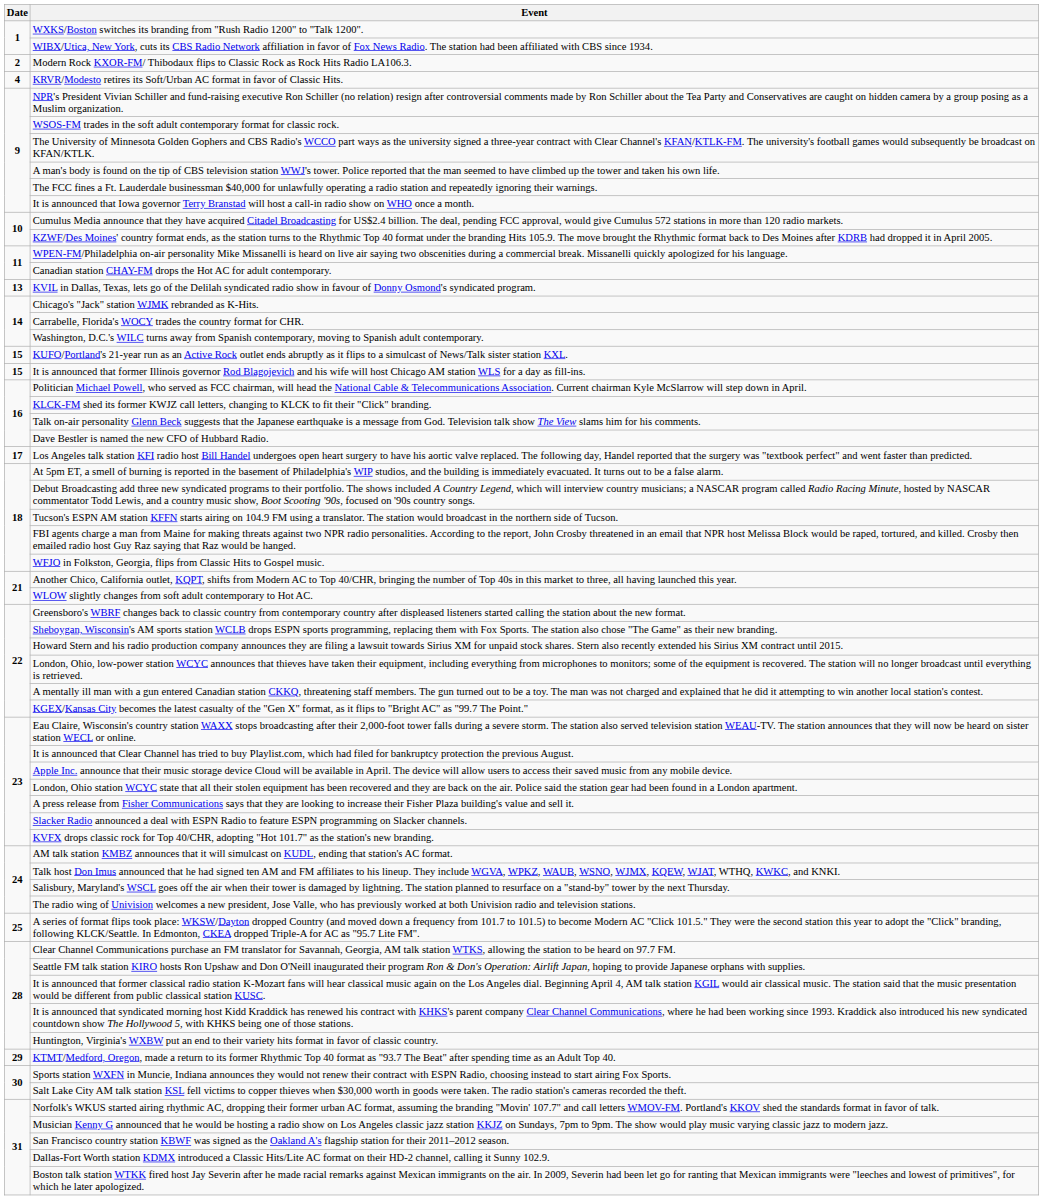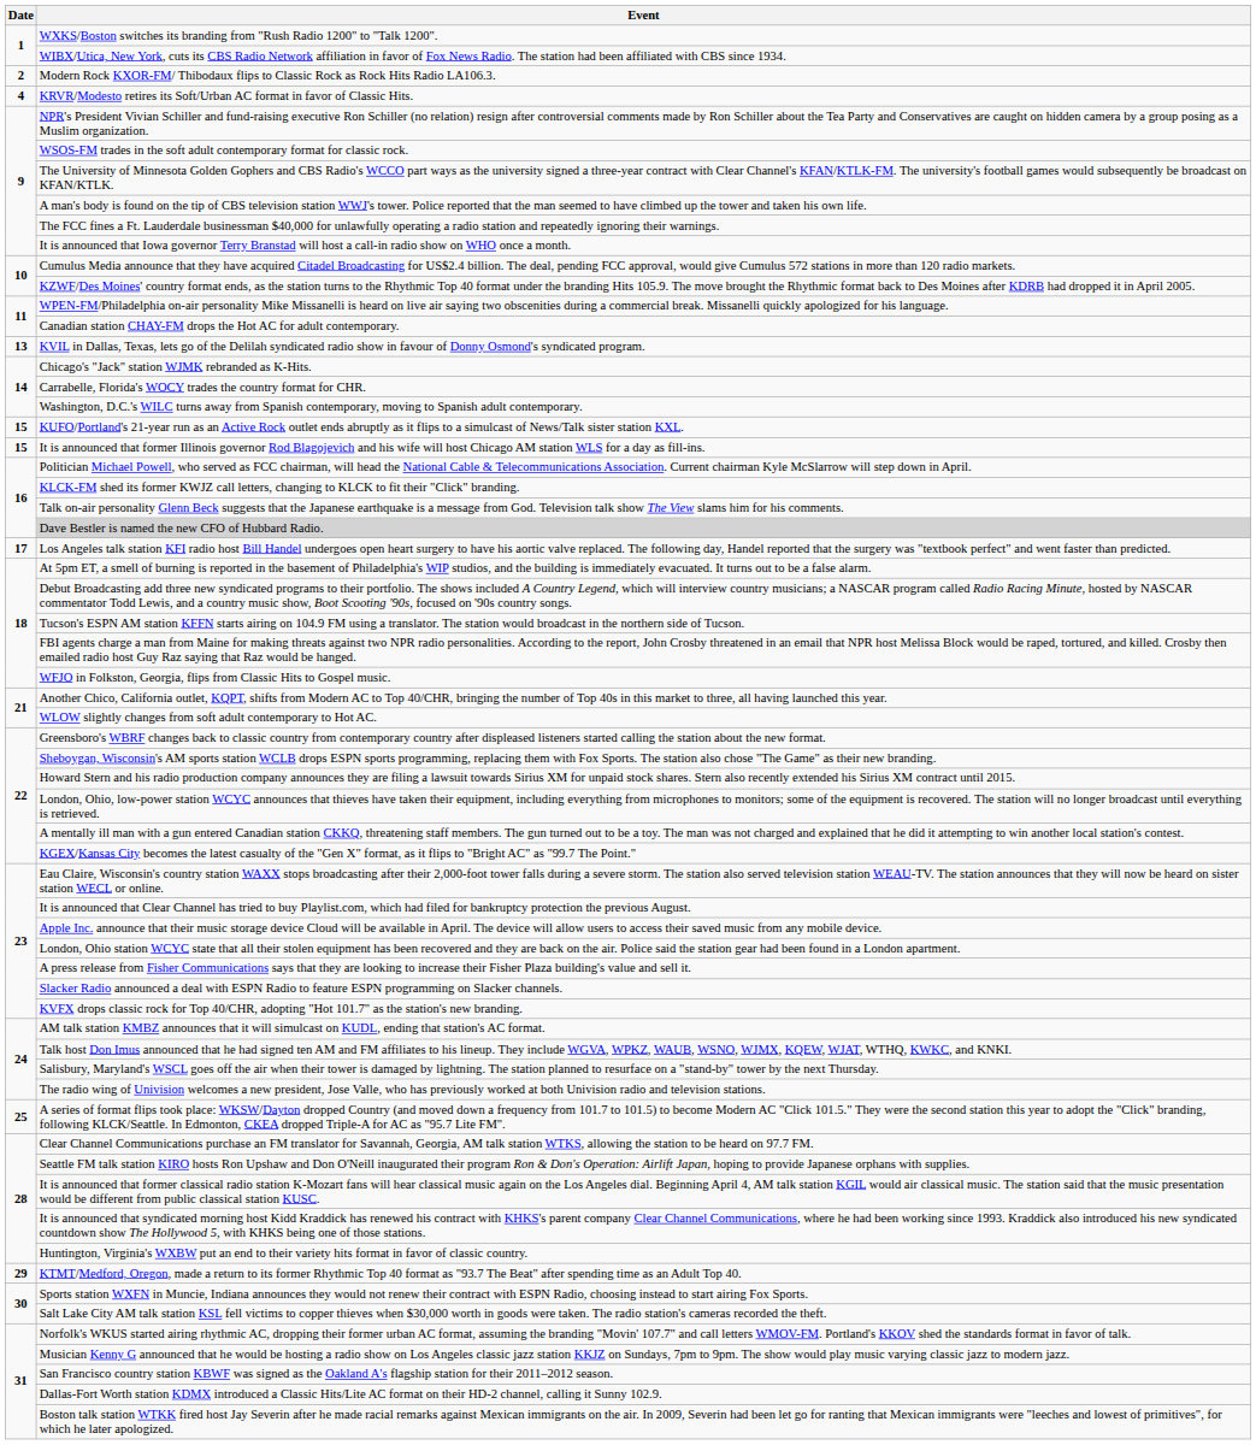 <table class="wikitable">
 <tr>
 <th>Date</th>
 <th>Event</th>
 </tr>
 <tr>
 <td style="text-align:center;" rowspan="2"><strong>1</strong></td>
 <td><a href='#'>WXKS</a>/<a href='#'>Boston</a> switches its branding from "Rush Radio 1200" to "Talk 1200".</td>
 </tr>
 <tr>
 <td><a href='#'>WIBX</a>/<a href='#'>Utica, New York</a>, cuts its <a href='#'>CBS Radio Network</a> affiliation in favor of <a href='#'>Fox News Radio</a>.  The station had been affiliated with CBS since 1934.</td>
 </tr>
 <tr>
 <td style="text-align:center;"><strong>2</strong></td>
 <td>Modern Rock <a href='#'>KXOR-FM</a>/ Thibodaux flips to Classic Rock as Rock Hits Radio LA106.3.</td>
 </tr>
 <tr>
 <td style="text-align:center;" rowspan="1"><strong>4</strong></td>
 <td><a href='#'>KRVR</a>/<a href='#'>Modesto</a> retires its Soft/Urban AC format in favor of Classic Hits.</td>
 </tr>
 <tr>
 <td style="text-align:center;" rowspan="6"><strong>9</strong></td>
 <td><a href='#'>NPR</a>'s President Vivian Schiller and fund-raising executive Ron Schiller (no relation) resign after controversial comments made by Ron Schiller about the Tea Party and Conservatives are caught on hidden camera by a group posing as a Muslim organization.</td>
 </tr>
 <tr>
 <td><a href='#'>WSOS-FM</a> trades in the soft adult contemporary format for classic rock.</td>
 </tr>
 <tr>
 <td>The University of Minnesota Golden Gophers and CBS Radio's <a href='#'>WCCO</a> part ways as the university signed a three-year contract with Clear Channel's <a href='#'>KFAN</a>/<a href='#'>KTLK-FM</a>. The university's football games would subsequently be broadcast on KFAN/KTLK.</td>
 </tr>
 <tr>
 <td>A man's body is found on the tip of CBS television station <a href='#'>WWJ</a>'s tower. Police reported that the man seemed to have climbed up the tower and taken his own life.</td>
 </tr>
 <tr>
 <td>The FCC fines a Ft. Lauderdale businessman $40,000 for unlawfully operating a radio station and repeatedly ignoring their warnings.</td>
 </tr>
 <tr>
 <td>It is announced that Iowa governor <a href='#'>Terry Branstad</a> will host a call-in radio show on <a href='#'>WHO</a> once a month.</td>
 </tr>
 <tr>
 <td style="text-align:center;" rowspan="2"><strong>10</strong></td>
 <td>Cumulus Media announce that they have acquired <a href='#'>Citadel Broadcasting</a> for US$2.4 billion. The deal, pending FCC approval, would give Cumulus 572 stations in more than 120 radio markets.</td>
 </tr>
 <tr>
 <td><a href='#'>KZWF</a>/<a href='#'>Des Moines</a>' country format ends, as the station turns to the Rhythmic Top 40 format under the branding Hits 105.9. The move brought the Rhythmic format back to Des Moines after <a href='#'>KDRB</a> had dropped it in April 2005.</td>
 </tr>
 <tr>
 <td style="text-align:center;" rowspan="2"><strong>11</strong></td>
 <td><a href='#'>WPEN-FM</a>/Philadelphia on-air personality Mike Missanelli is heard on live air saying two obscenities during a commercial break. Missanelli quickly apologized for his language.</td>
 </tr>
 <tr>
 <td>Canadian station <a href='#'>CHAY-FM</a> drops the Hot AC for adult contemporary.</td>
 </tr>
 <tr>
 <td style="text-align:center;"><strong>13</strong></td>
 <td><a href='#'>KVIL</a> in Dallas, Texas, lets go of the Delilah syndicated radio show in favour of <a href='#'>Donny Osmond</a>'s syndicated program.</td>
 </tr>
 <tr>
 <td style="text-align:center;" rowspan="3"><strong>14</strong></td>
 <td>Chicago's "Jack" station <a href='#'>WJMK</a> rebranded as K-Hits.</td>
 </tr>
 <tr>
 <td>Carrabelle, Florida's <a href='#'>WOCY</a> trades the country format for CHR.</td>
 </tr>
 <tr>
 <td>Washington, D.C.'s <a href='#'>WILC</a> turns away from Spanish contemporary, moving to Spanish adult contemporary.</td>
 </tr>
 <tr>
 <td style="text-align:center;"><strong>15</strong></td>
 <td><a href='#'>KUFO</a>/<a href='#'>Portland</a>'s 21-year run as an <a href='#'>Active Rock</a> outlet ends abruptly as it flips to a simulcast of News/Talk sister station <a href='#'>KXL</a>.</td>
 </tr>
 <tr>
 <td style="text-align:center;"><strong>15</strong></td>
 <td>It is announced that former Illinois governor <a href='#'>Rod Blagojevich</a> and his wife will host Chicago AM station <a href='#'>WLS</a> for a day as fill-ins.</td>
 </tr>
 <tr>
 <td style="text-align:center;" rowspan="4"><strong>16</strong></td>
 <td>Politician <a href='#'>Michael Powell</a>, who served as FCC chairman, will head the <a href='#'>National Cable & Telecommunications Association</a>. Current chairman Kyle McSlarrow will step down in April.</td>
 </tr>
 <tr>
 <td><a href='#'>KLCK-FM</a> shed its former KWJZ call letters, changing to KLCK to fit their "Click" branding.</td>
 </tr>
 <tr>
 <td>Talk on-air personality <a href='#'>Glenn Beck</a> suggests that the Japanese earthquake is a message from God. Television talk show <em><a href='#'>The View</a></em> slams him for his comments.</td>
 </tr>
 <tr>
-<td>Dave Bestler is named the new CFO of Hubbard Radio.</td>
+<td style="background: lightgrey;">Dave Bestler is named the new CFO of Hubbard Radio.</td>
 </tr>
 <tr>
 <td style="text-align:center;"><strong>17</strong></td>
 <td>Los Angeles talk station <a href='#'>KFI</a> radio host <a href='#'>Bill Handel</a> undergoes open heart surgery to have his aortic valve replaced. The following day, Handel reported that the surgery was "textbook perfect" and went faster than predicted.</td>
 </tr>
 <tr>
 <td style="text-align:center;" rowspan="5"><strong>18</strong></td>
 <td>At 5pm ET, a smell of burning is reported in the basement of Philadelphia's <a href='#'>WIP</a> studios, and the building is immediately evacuated. It turns out to be a false alarm.</td>
 </tr>
 <tr>
 <td>Debut Broadcasting add three new syndicated programs to their portfolio. The shows included <em>A Country Legend</em>, which will interview country musicians; a NASCAR program called <em>Radio Racing Minute</em>, hosted by NASCAR commentator Todd Lewis, and a country music show, <em>Boot Scooting '90s</em>, focused on '90s country songs.</td>
 </tr>
 <tr>
 <td>Tucson's ESPN AM station <a href='#'>KFFN</a> starts airing on 104.9 FM using a translator. The station would broadcast in the northern side of Tucson.</td>
 </tr>
 <tr>
 <td>FBI agents charge a man from Maine for making threats against two NPR radio personalities. According to the report, John Crosby threatened in an email that NPR host Melissa Block would be raped, tortured, and killed. Crosby then emailed radio host Guy Raz saying that Raz would be hanged.</td>
 </tr>
 <tr>
 <td><a href='#'>WFJO</a> in Folkston, Georgia, flips from Classic Hits to Gospel music.</td>
 </tr>
 <tr>
 <td style="text-align:center;" rowspan="2"><strong>21</strong></td>
 <td>Another Chico, California outlet, <a href='#'>KQPT</a>, shifts from Modern AC to Top 40/CHR, bringing the number of Top 40s in this market to three, all having launched this year.</td>
 </tr>
 <tr>
 <td><a href='#'>WLOW</a> slightly changes from soft adult contemporary to Hot AC.</td>
 </tr>
 <tr>
 <td style="text-align:center;" rowspan="6"><strong>22</strong></td>
 <td>Greensboro's <a href='#'>WBRF</a> changes back to classic country from contemporary country after displeased listeners started calling the station about the new format.</td>
 </tr>
 <tr>
 <td><a href='#'>Sheboygan, Wisconsin</a>'s AM sports station <a href='#'>WCLB</a> drops ESPN sports programming, replacing them with Fox Sports. The station also chose "The Game" as their new branding.</td>
 </tr>
 <tr>
 <td>Howard Stern and his radio production company announces they are filing a lawsuit towards Sirius XM for unpaid stock shares. Stern also recently extended his Sirius XM contract until 2015.</td>
 </tr>
 <tr>
 <td>London, Ohio, low-power station <a href='#'>WCYC</a> announces that thieves have taken their equipment, including everything from microphones to monitors; some of the equipment is recovered. The station will no longer broadcast until everything is retrieved.</td>
 </tr>
 <tr>
 <td>A mentally ill man with a gun entered Canadian station <a href='#'>CKKQ</a>, threatening staff members. The gun turned out to be a toy. The man was not charged and explained that he did it attempting to win another local station's contest.</td>
 </tr>
 <tr>
 <td><a href='#'>KGEX</a>/<a href='#'>Kansas City</a> becomes the latest casualty of the "Gen X" format, as it flips to "Bright AC" as "99.7 The Point."</td>
 </tr>
 <tr>
 <td style="text-align:center;" rowspan="7"><strong>23</strong></td>
 <td>Eau Claire, Wisconsin's country station <a href='#'>WAXX</a> stops broadcasting after their 2,000-foot tower falls during a severe storm. The station also served television station <a href='#'>WEAU</a>-TV. The station announces that they will now be heard on sister station <a href='#'>WECL</a> or online.</td>
 </tr>
 <tr>
 <td>It is announced that Clear Channel has tried to buy Playlist.com, which had filed for bankruptcy protection the previous August.</td>
 </tr>
 <tr>
 <td><a href='#'>Apple Inc.</a> announce that their music storage device Cloud will be available in April. The device will allow users to access their saved music from any mobile device.</td>
 </tr>
 <tr>
 <td>London, Ohio station <a href='#'>WCYC</a> state that all their stolen equipment has been recovered and they are back on the air. Police said the station gear had been found in a London apartment.</td>
 </tr>
 <tr>
 <td>A press release from <a href='#'>Fisher Communications</a> says that they are looking to increase their Fisher Plaza building's value and sell it.</td>
 </tr>
 <tr>
 <td><a href='#'>Slacker Radio</a> announced a deal with ESPN Radio to feature ESPN programming on Slacker channels.</td>
 </tr>
 <tr>
 <td><a href='#'>KVFX</a> drops classic rock for Top 40/CHR, adopting "Hot 101.7" as the station's new branding.</td>
 </tr>
 <tr>
 <td style="text-align:center;" rowspan="4"><strong>24</strong></td>
 <td>AM talk station <a href='#'>KMBZ</a> announces that it will simulcast on <a href='#'>KUDL</a>, ending that station's AC format.</td>
 </tr>
 <tr>
 <td>Talk host <a href='#'>Don Imus</a> announced that he had signed ten AM and FM affiliates to his lineup. They include <a href='#'>WGVA</a>, <a href='#'>WPKZ</a>, <a href='#'>WAUB</a>, <a href='#'>WSNO</a>, <a href='#'>WJMX</a>, <a href='#'>KQEW</a>, <a href='#'>WJAT</a>, WTHQ, <a href='#'>KWKC</a>, and KNKI.</td>
 </tr>
 <tr>
 <td>Salisbury, Maryland's <a href='#'>WSCL</a> goes off the air when their tower is damaged by lightning. The station planned to resurface on a "stand-by" tower by the next Thursday.</td>
 </tr>
 <tr>
 <td>The radio wing of <a href='#'>Univision</a> welcomes a new president, Jose Valle, who has previously worked at both Univision radio and television stations.</td>
 </tr>
 <tr>
 <td style="text-align:center;"><strong>25</strong></td>
 <td>A series of format flips took place: <a href='#'>WKSW</a>/<a href='#'>Dayton</a> dropped Country (and moved down a frequency from 101.7 to 101.5) to become Modern AC "Click 101.5." They were the second station this year to adopt the "Click" branding, following KLCK/Seattle. In Edmonton, <a href='#'>CKEA</a> dropped Triple-A for AC as "95.7 Lite FM".</td>
 </tr>
 <tr>
 <td style="text-align:center;" rowspan="5"><strong>28</strong></td>
 <td>Clear Channel Communications purchase an FM translator for Savannah, Georgia, AM talk station <a href='#'>WTKS</a>, allowing the station to be heard on 97.7 FM.</td>
 </tr>
 <tr>
 <td>Seattle FM talk station <a href='#'>KIRO</a> hosts Ron Upshaw and Don O'Neill inaugurated their program <em>Ron & Don's Operation: Airlift Japan</em>, hoping to provide Japanese orphans with supplies.</td>
 </tr>
 <tr>
 <td>It is announced that former classical radio station K-Mozart fans will hear classical music again on the Los Angeles dial. Beginning April 4, AM talk station <a href='#'>KGIL</a> would air classical music. The station said that the music presentation would be different from public classical station <a href='#'>KUSC</a>.</td>
 </tr>
 <tr>
 <td>It is announced that syndicated morning host Kidd Kraddick has renewed his contract with <a href='#'>KHKS</a>'s parent company <a href='#'>Clear Channel Communications</a>, where he had been working since 1993. Kraddick also introduced his new syndicated countdown show <em>The Hollywood 5</em>, with KHKS being one of those stations.</td>
 </tr>
 <tr>
 <td>Huntington, Virginia's <a href='#'>WXBW</a> put an end to their variety hits format in favor of classic country.</td>
 </tr>
 <tr>
 <td style="text-align:center;"><strong>29</strong></td>
 <td><a href='#'>KTMT</a>/<a href='#'>Medford, Oregon</a>, made a return to its former Rhythmic Top 40 format as "93.7 The Beat" after spending time as an Adult Top 40.</td>
 </tr>
 <tr>
 <td style="text-align:center;" rowspan="2"><strong>30</strong></td>
 <td>Sports station <a href='#'>WXFN</a> in Muncie, Indiana announces they would not renew their contract with ESPN Radio, choosing instead to start airing Fox Sports.</td>
 </tr>
 <tr>
 <td>Salt Lake City AM talk station <a href='#'>KSL</a> fell victims to copper thieves when $30,000 worth in goods were taken. The radio station's cameras recorded the theft.</td>
 </tr>
 <tr>
 <td style="text-align:center;" rowspan="5"><strong>31</strong></td>
 <td>Norfolk's WKUS started airing rhythmic AC, dropping their former urban AC format, assuming the branding "Movin' 107.7" and call letters <a href='#'>WMOV-FM</a>. Portland's <a href='#'>KKOV</a> shed the standards format in favor of talk.</td>
 </tr>
 <tr>
 <td>Musician <a href='#'>Kenny G</a> announced that he would be hosting a radio show on Los Angeles classic jazz station <a href='#'>KKJZ</a> on Sundays, 7pm to 9pm. The show would play music varying classic jazz to modern jazz.</td>
 </tr>
 <tr>
 <td>San Francisco country station <a href='#'>KBWF</a> was signed as the <a href='#'>Oakland A's</a> flagship station for their 2011–2012 season.</td>
 </tr>
 <tr>
 <td>Dallas-Fort Worth station <a href='#'>KDMX</a> introduced a Classic Hits/Lite AC format on their HD-2 channel, calling it Sunny 102.9.</td>
 </tr>
 <tr>
 <td>Boston talk station <a href='#'>WTKK</a> fired host Jay Severin after he made racial remarks against Mexican immigrants on the air. In 2009, Severin had been let go for ranting that Mexican immigrants were "leeches and lowest of primitives", for which he later apologized.</td>
 </tr>
 </table>
